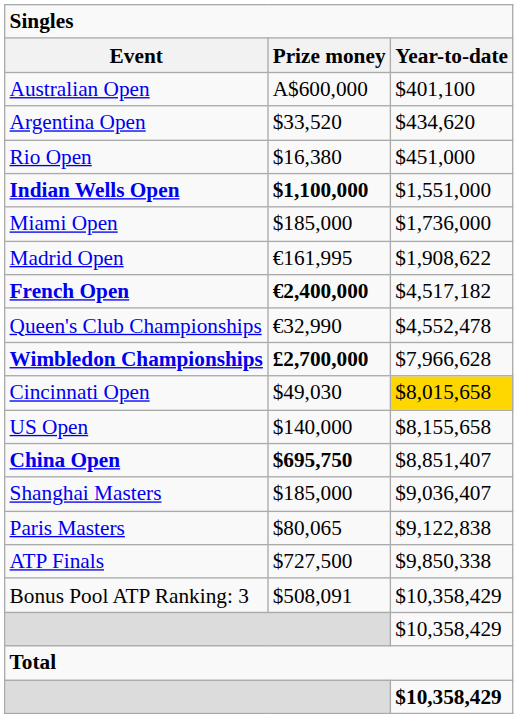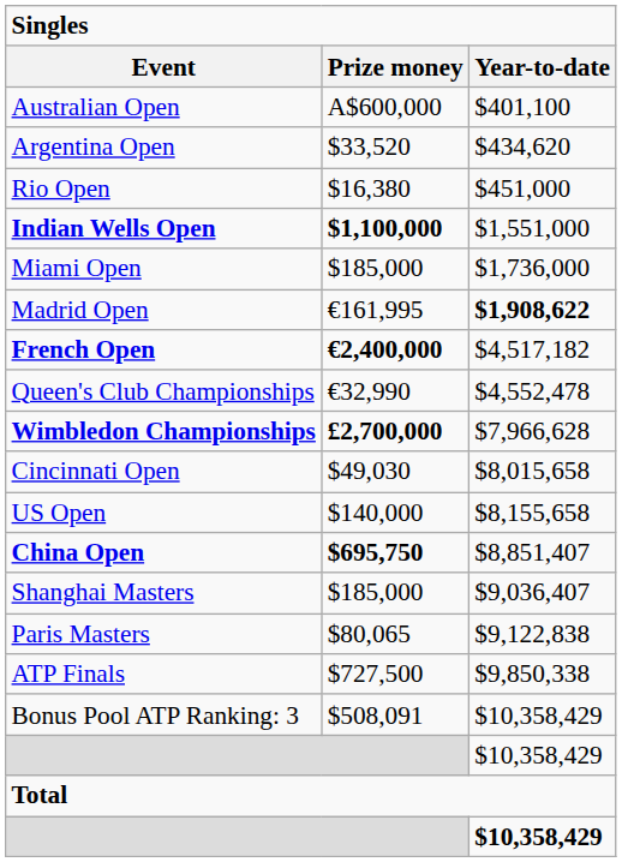 <table class="wikitable sortable">
 <tr>
 <td colspan=3><strong>Singles</strong></td>
 </tr>
 <tr>
 <th>Event</th>
 <th>Prize money</th>
 <th>Year-to-date</th>
 </tr>
 <tr>
 <td><a href='#'>Australian Open</a></td>
 <td>A$600,000</td>
 <td>$401,100</td>
 </tr>
 <tr>
 <td><a href='#'>Argentina Open</a></td>
 <td>$33,520</td>
 <td>$434,620</td>
 </tr>
 <tr>
 <td><a href='#'>Rio Open</a></td>
 <td>$16,380</td>
 <td>$451,000</td>
 </tr>
 <tr>
 <td><strong><a href='#'>Indian Wells Open</a></strong></td>
 <td><strong>$1,100,000</strong></td>
 <td>$1,551,000</td>
 </tr>
 <tr>
 <td><a href='#'>Miami Open</a></td>
 <td>$185,000</td>
 <td>$1,736,000</td>
 </tr>
 <tr>
 <td><a href='#'>Madrid Open</a></td>
 <td>€161,995</td>
-<td>$1,908,622</td>
+<td><strong>$1,908,622</strong></td>
 </tr>
 <tr>
 <td><strong><a href='#'>French Open</a></strong></td>
 <td><strong>€2,400,000</strong></td>
 <td>$4,517,182</td>
 </tr>
 <tr>
 <td><a href='#'>Queen's Club Championships</a></td>
 <td>€32,990</td>
 <td>$4,552,478</td>
 </tr>
 <tr>
 <td><strong><a href='#'>Wimbledon Championships</a></strong></td>
 <td><strong>£2,700,000</strong></td>
 <td>$7,966,628</td>
 </tr>
 <tr>
 <td><a href='#'>Cincinnati Open</a></td>
 <td>$49,030</td>
-<td style="background: gold;">$8,015,658</td>
+<td>$8,015,658</td>
 </tr>
 <tr>
 <td><a href='#'>US Open</a></td>
 <td>$140,000</td>
 <td>$8,155,658</td>
 </tr>
 <tr>
 <td><strong><a href='#'>China Open</a></strong></td>
 <td><strong>$695,750</strong></td>
 <td>$8,851,407</td>
 </tr>
 <tr>
 <td><a href='#'>Shanghai Masters</a></td>
 <td>$185,000</td>
 <td>$9,036,407</td>
 </tr>
 <tr>
 <td><a href='#'>Paris Masters</a></td>
 <td>$80,065</td>
 <td>$9,122,838</td>
 </tr>
 <tr>
 <td><a href='#'>ATP Finals</a></td>
 <td>$727,500</td>
 <td>$9,850,338</td>
 </tr>
 <tr>
 <td>Bonus Pool ATP Ranking: 3</td>
 <td>$508,091</td>
 <td>$10,358,429</td>
 </tr>
 <tr class="sortbottom">
 <td colspan=2 bgcolor=#DCDCDC></td>
 <td>$10,358,429</td>
 </tr>
 <tr>
 <td colspan=3><strong>Total</strong></td>
 </tr>
 <tr class="sortbottom">
 <td colspan=2 bgcolor=#DCDCDC></td>
 <td><strong>$10,358,429 </strong></td>
 </tr>
 <tr>
 </tr>
 </table>
